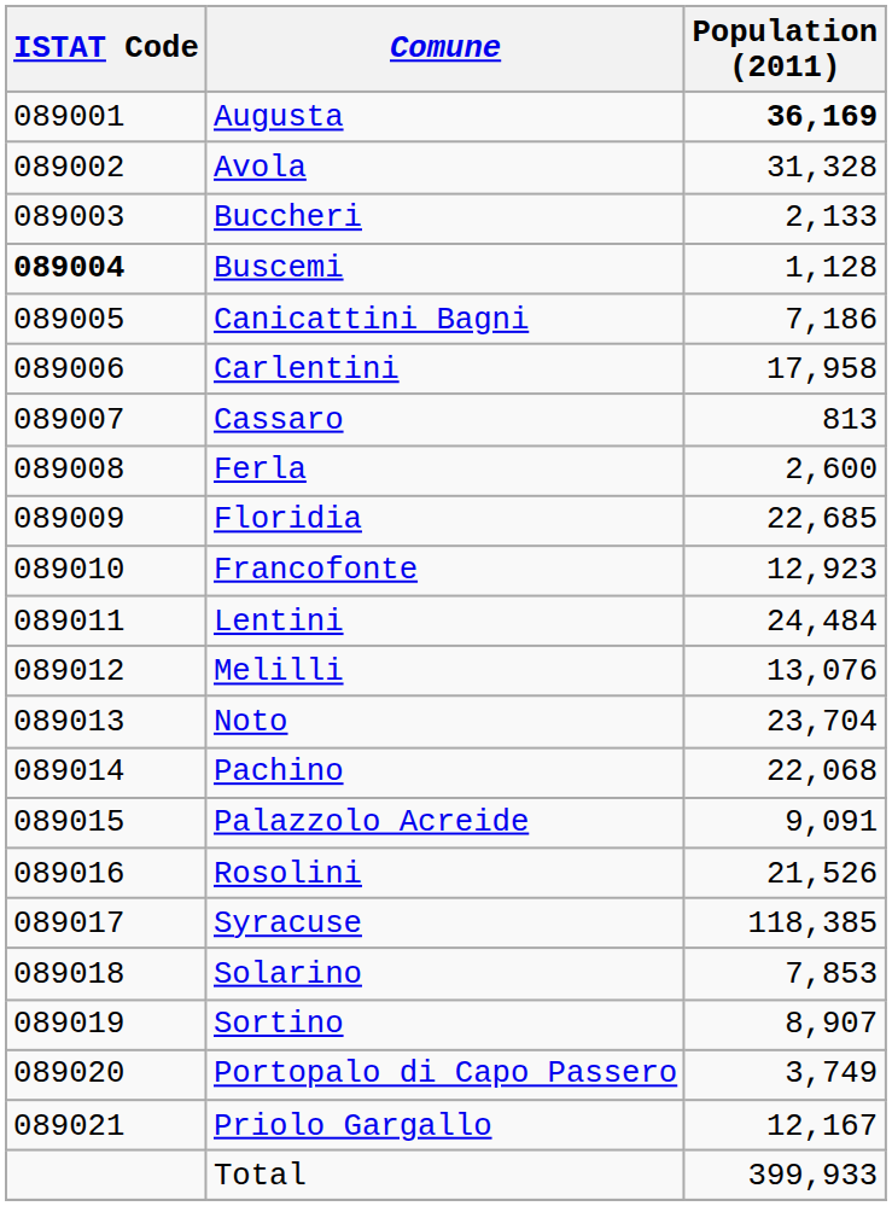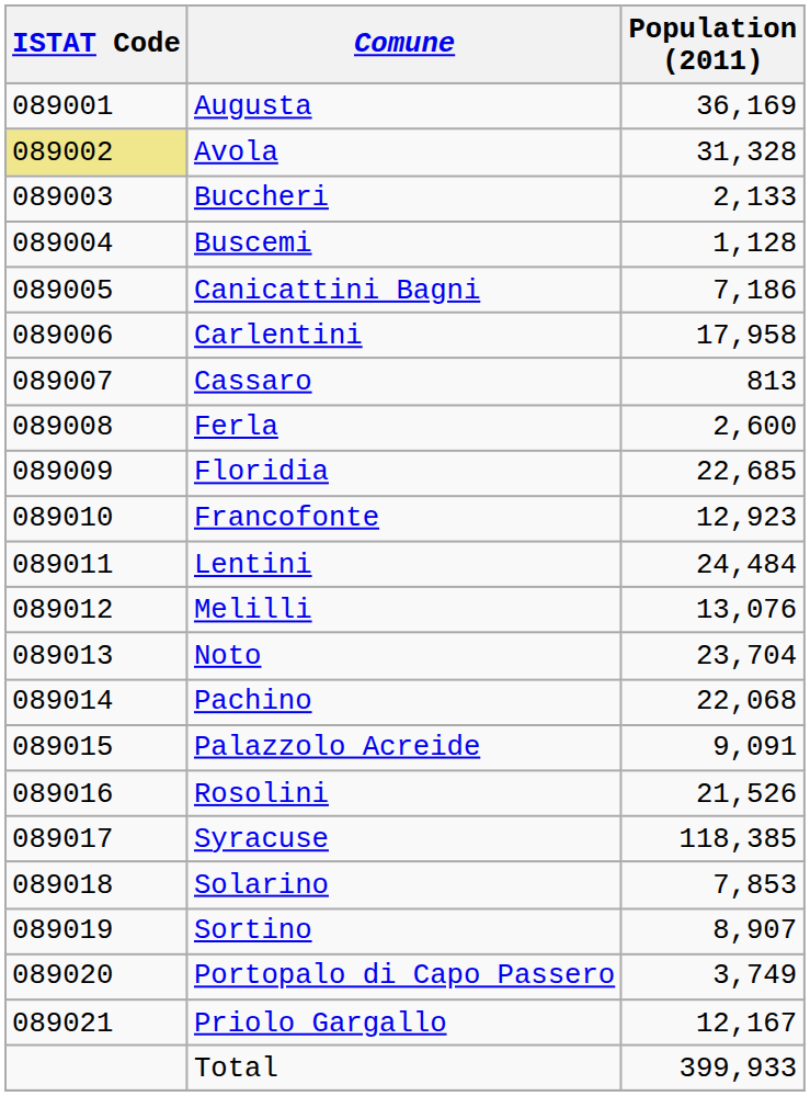 <table class="wikitable sortable">
 <tr>
 <th><a href='#'>ISTAT</a> Code</th>
 <th><em><a href='#'>Comune</a></em></th>
 <th>Population <br>(2011)</th>
 </tr>
 <tr>
 <td>089001</td>
 <td><a href='#'>Augusta</a></td>
-<td align="right"><strong>36,169</strong></td>
+<td align="right">36,169</td>
 </tr>
 <tr>
-<td>089002</td>
+<td style="background: khaki;">089002</td>
 <td><a href='#'>Avola</a></td>
 <td align="right">31,328</td>
 </tr>
 <tr>
 <td>089003</td>
 <td><a href='#'>Buccheri</a></td>
 <td align="right">2,133</td>
 </tr>
 <tr>
-<td><strong>089004</strong></td>
+<td>089004</td>
 <td><a href='#'>Buscemi</a></td>
 <td align="right">1,128</td>
 </tr>
 <tr>
 <td>089005</td>
 <td><a href='#'>Canicattini Bagni</a></td>
 <td align="right">7,186</td>
 </tr>
 <tr>
 <td>089006</td>
 <td><a href='#'>Carlentini</a></td>
 <td align="right">17,958</td>
 </tr>
 <tr>
 <td>089007</td>
 <td><a href='#'>Cassaro</a></td>
 <td align="right">813</td>
 </tr>
 <tr>
 <td>089008</td>
 <td><a href='#'>Ferla</a></td>
 <td align="right">2,600</td>
 </tr>
 <tr>
 <td>089009</td>
 <td><a href='#'>Floridia</a></td>
 <td align="right">22,685</td>
 </tr>
 <tr>
 <td>089010</td>
 <td><a href='#'>Francofonte</a></td>
 <td align="right">12,923</td>
 </tr>
 <tr>
 <td>089011</td>
 <td><a href='#'>Lentini</a></td>
 <td align="right">24,484</td>
 </tr>
 <tr>
 <td>089012</td>
 <td><a href='#'>Melilli</a></td>
 <td align="right">13,076</td>
 </tr>
 <tr>
 <td>089013</td>
 <td><a href='#'>Noto</a></td>
 <td align="right">23,704</td>
 </tr>
 <tr>
 <td>089014</td>
 <td><a href='#'>Pachino</a></td>
 <td align="right">22,068</td>
 </tr>
 <tr>
 <td>089015</td>
 <td><a href='#'>Palazzolo Acreide</a></td>
 <td align="right">9,091</td>
 </tr>
 <tr>
 <td>089016</td>
 <td><a href='#'>Rosolini</a></td>
 <td align="right">21,526</td>
 </tr>
 <tr>
 <td>089017</td>
 <td><a href='#'>Syracuse</a></td>
 <td align="right">118,385</td>
 </tr>
 <tr>
 <td>089018</td>
 <td><a href='#'>Solarino</a></td>
 <td align="right">7,853</td>
 </tr>
 <tr>
 <td>089019</td>
 <td><a href='#'>Sortino</a></td>
 <td align="right">8,907</td>
 </tr>
 <tr>
 <td>089020</td>
 <td><a href='#'>Portopalo di Capo Passero</a></td>
 <td align="right">3,749</td>
 </tr>
 <tr>
 <td>089021</td>
 <td><a href='#'>Priolo Gargallo</a></td>
 <td align="right">12,167</td>
 </tr>
 <tr>
 <td></td>
 <td>Total</td>
 <td align="right">399,933</td>
 </tr>
 <tr>
 </tr>
 </table>
